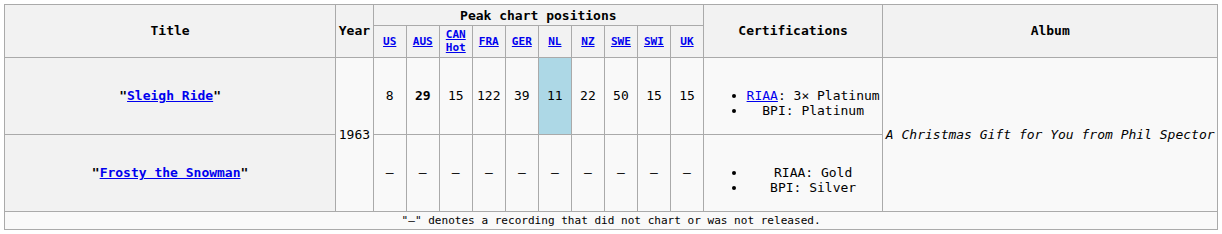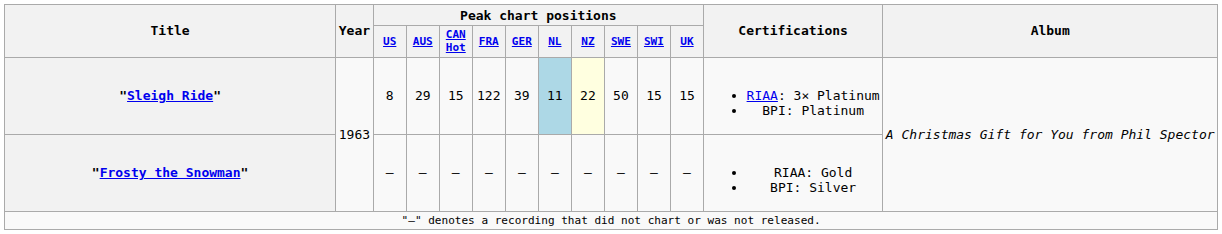 <table class="wikitable plainrowheaders" style="text-align:center;">
 <tr>
 <th rowspan="2" style="width:25em;">Title</th>
 <th rowspan="2">Year</th>
 <th colspan="10">Peak chart positions</th>
 <th rowspan="2">Certifications</th>
 <th rowspan="2">Album</th>
 </tr>
 <tr>
 <th scope="col" style="width:2.5em;font-size:85%"><a href='#'>US</a><br></th>
 <th scope="col" style="width:2.5em;font-size:85%"><a href='#'>AUS</a><br></th>
 <th scope="col" style="width:2.5em;font-size:85%"><a href='#'>CAN<br>Hot</a><br></th>
 <th scope="col" style="width:2.5em;font-size:85%"><a href='#'>FRA</a><br></th>
 <th scope="col" style="width:2.5em;font-size:85%"><a href='#'>GER</a><br></th>
 <th scope="col" style="width:2.5em;font-size:85%"><a href='#'>NL</a><br></th>
 <th scope="col" style="width:2.5em;font-size:85%"><a href='#'>NZ</a><br></th>
 <th scope="col" style="width:2.5em;font-size:85%"><a href='#'>SWE</a><br></th>
 <th scope="col" style="width:2.5em;font-size:85%"><a href='#'>SWI</a><br></th>
 <th scope="col" style="width:2.5em;font-size:85%"><a href='#'>UK</a><br></th>
 </tr>
 <tr>
 <th scope="row">"<a href='#'>Sleigh Ride</a>"</th>
 <td rowspan="2">1963</td>
 <td>8</td>
-<td><strong>29</strong></td>
+<td>29</td>
 <td>15</td>
 <td>122</td>
 <td>39</td>
 <td style="background: lightblue;">11</td>
-<td>22</td>
+<td style="background: lightyellow;">22</td>
 <td>50</td>
 <td>15</td>
 <td>15</td>
 <td><br><ul><li><a href='#'>RIAA</a>: 3× Platinum</li><li>BPI: Platinum</li></ul></td>
 <td rowspan="2"><em>A Christmas Gift for You from Phil Spector</em></td>
 </tr>
 <tr>
 <th scope="row">"<a href='#'>Frosty the Snowman</a>"</th>
 <td>—</td>
 <td>—</td>
 <td>—</td>
 <td>—</td>
 <td>—</td>
 <td>—</td>
 <td>—</td>
 <td>—</td>
 <td>—</td>
 <td>—</td>
 <td><br><ul><li>RIAA: Gold</li><li>BPI: Silver</li></ul></td>
 </tr>
 <tr>
 <td colspan="14" style="font-size:85%;">"—" denotes a recording that did not chart or was not released.</td>
 </tr>
 </table>
